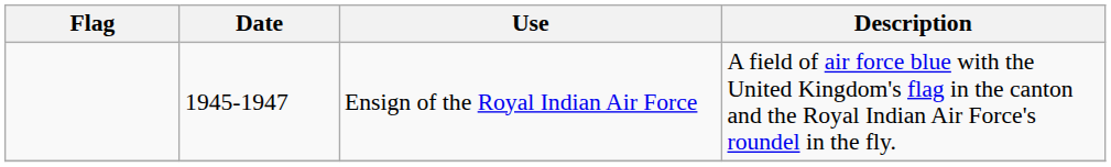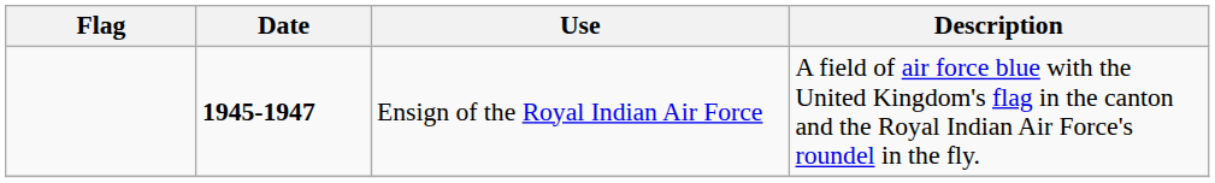 <table class="wikitable">
 <tr>
 <th style="width:110px;">Flag</th>
 <th style="width:100px;">Date</th>
 <th style="width:250px;">Use</th>
 <th style="width:250px;">Description</th>
 </tr>
 <tr>
 <td></td>
-<td>1945-1947</td>
+<td><strong>1945-1947</strong></td>
 <td>Ensign of the <a href='#'>Royal Indian Air Force</a></td>
 <td>A field of <a href='#'>air force blue</a> with the United Kingdom's <a href='#'>flag</a> in the canton and the Royal Indian Air Force's <a href='#'>roundel</a> in the fly.</td>
 </tr>
 <tr>
 </tr>
 </table>
